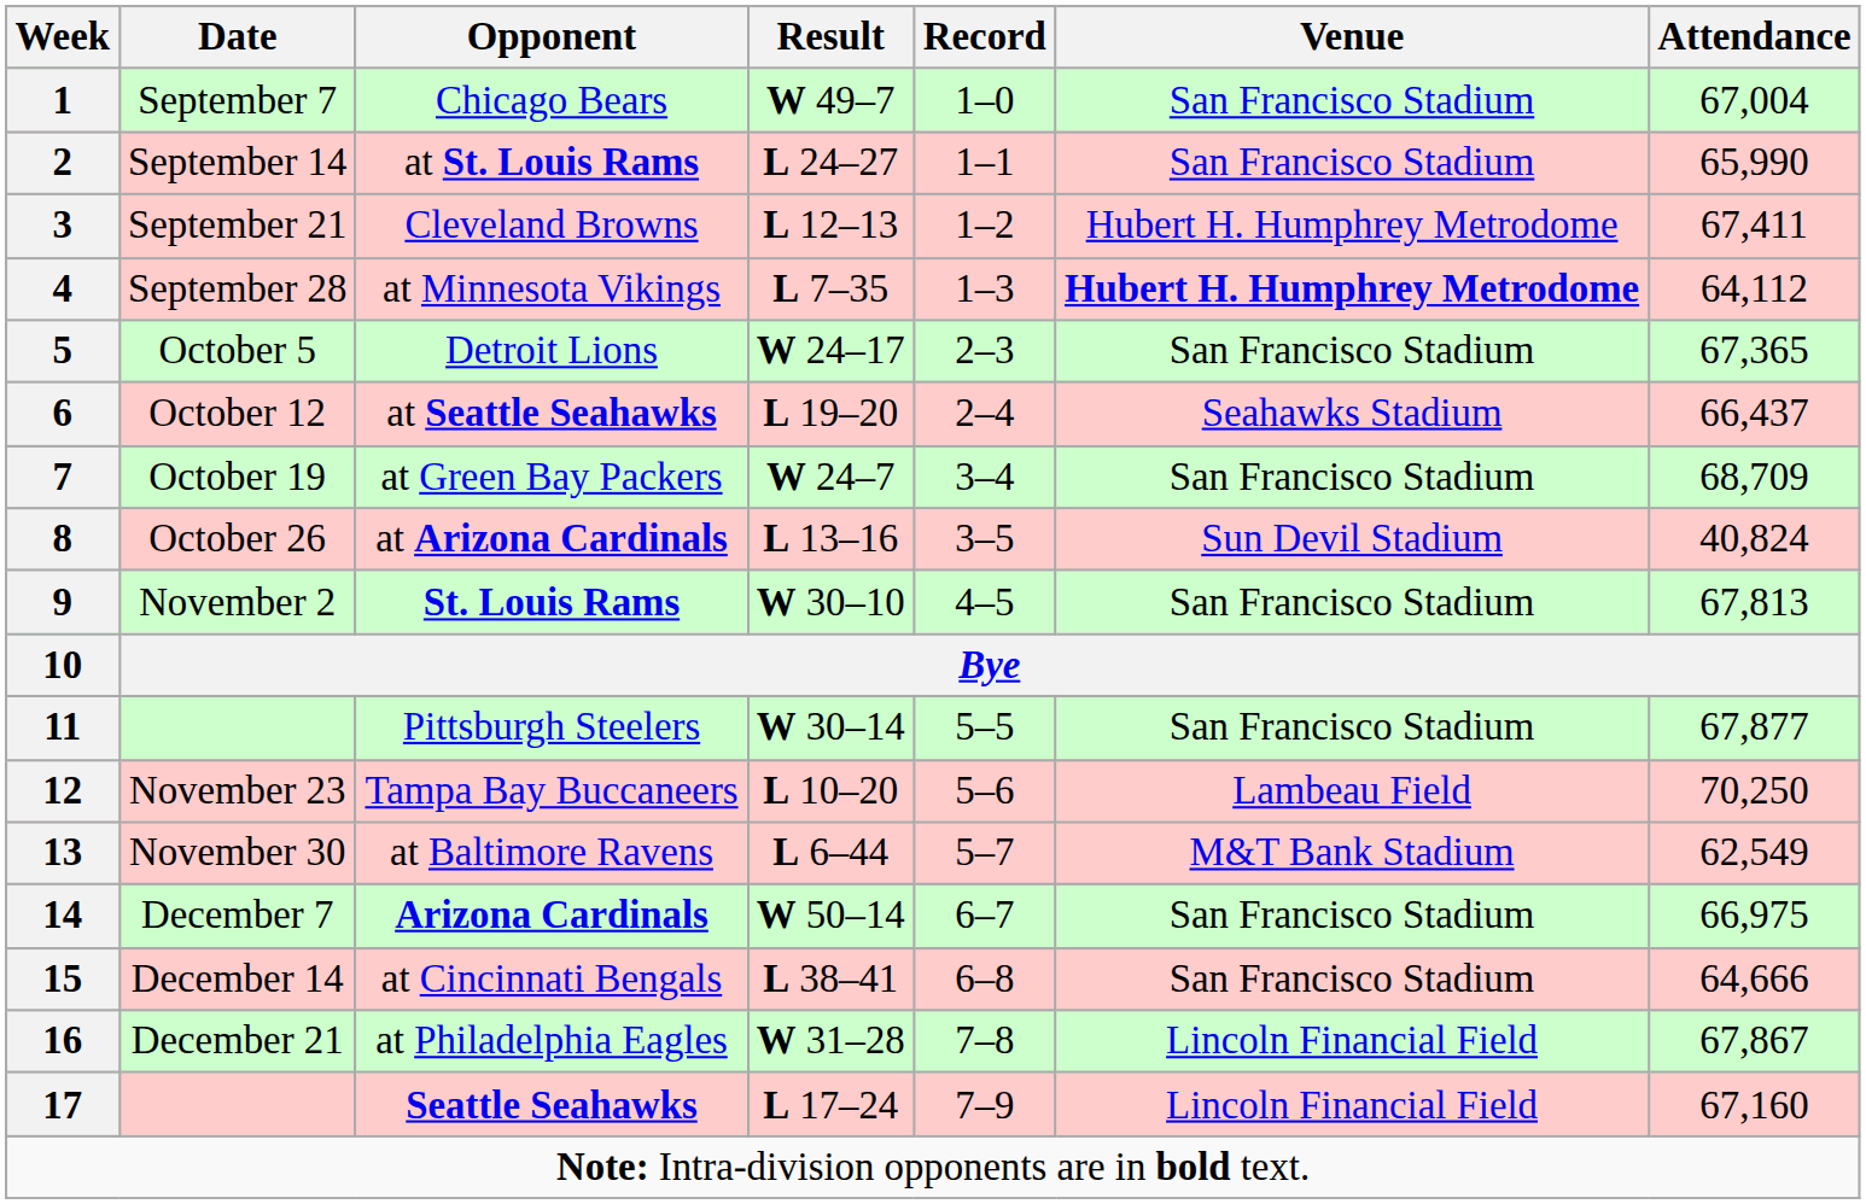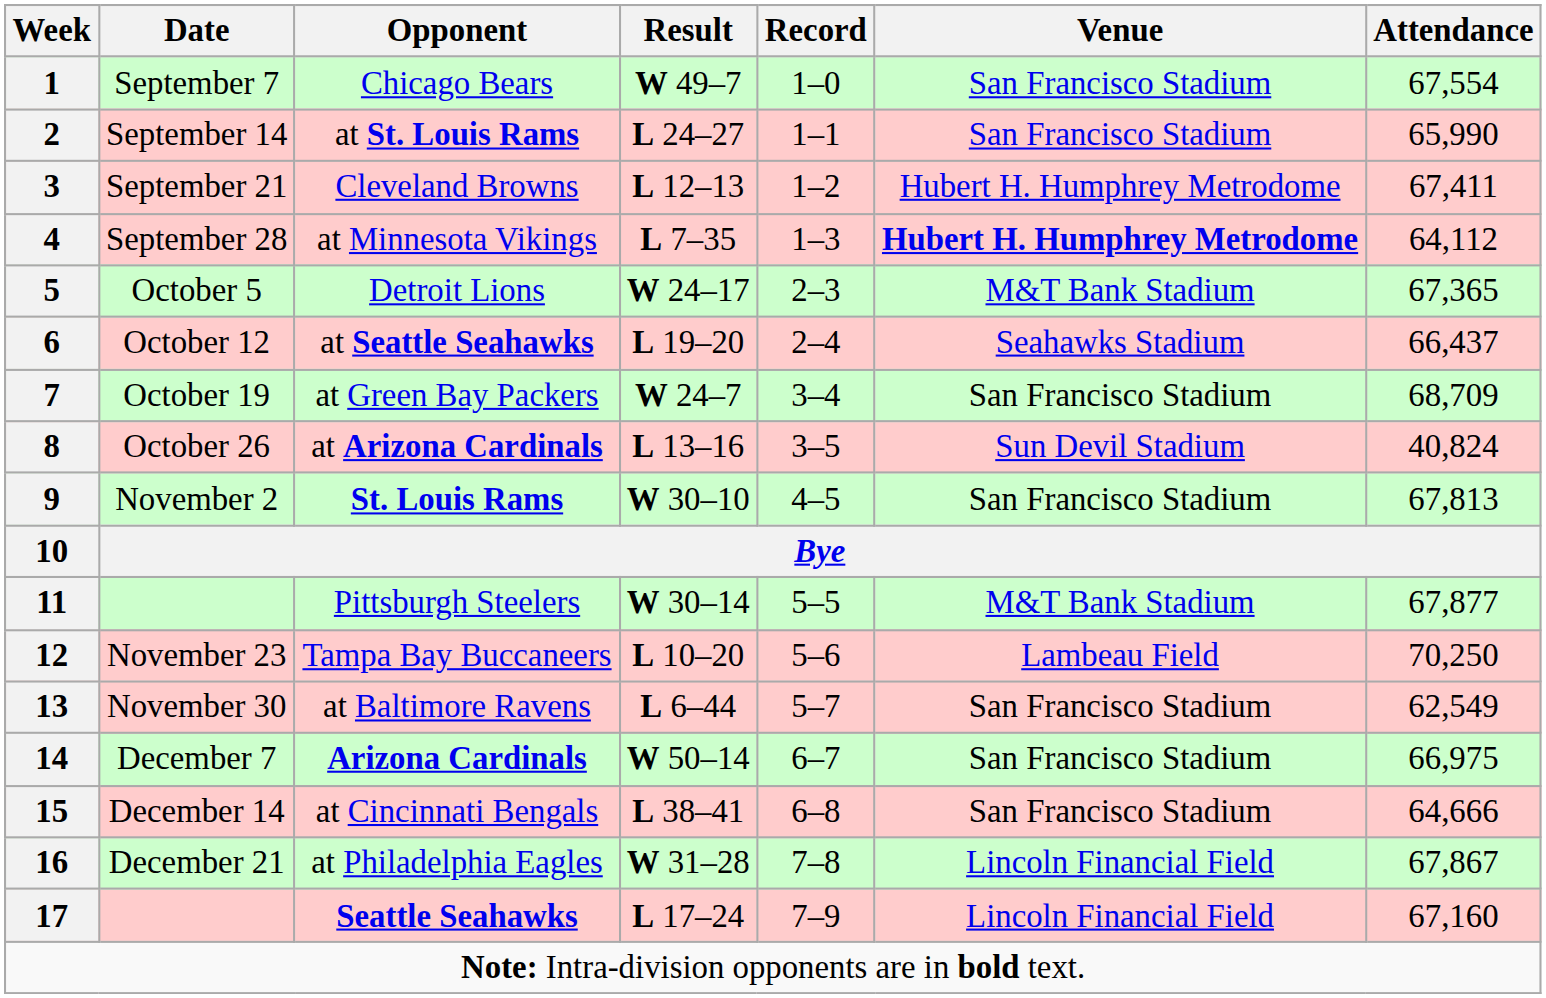 <table class="wikitable" style="text-align:center">
 <tr>
 <th>Week</th>
 <th>Date</th>
 <th>Opponent</th>
 <th>Result</th>
 <th>Record</th>
 <th>Venue</th>
 <th>Attendance</th>
 </tr>
 <tr style="background:#cfc">
 <th>1</th>
 <td>September 7</td>
 <td><a href='#'>Chicago Bears</a></td>
 <td><strong>W</strong> 49–7</td>
 <td>1–0</td>
 <td><a href='#'>San Francisco Stadium</a></td>
-<td>67,004</td>
+<td>67,554</td>
 </tr>
 <tr style="background:#fcc">
 <th>2</th>
 <td>September 14</td>
 <td>at <strong><a href='#'>St. Louis Rams</a></strong></td>
 <td><strong>L</strong> 24–27 </td>
 <td>1–1</td>
 <td><a href='#'>San Francisco Stadium</a></td>
 <td>65,990</td>
 </tr>
 <tr style="background:#fcc">
 <th>3</th>
 <td>September 21</td>
 <td><a href='#'>Cleveland Browns</a></td>
 <td><strong>L</strong> 12–13</td>
 <td>1–2</td>
 <td><a href='#'>Hubert H. Humphrey Metrodome</a></td>
 <td>67,411</td>
 </tr>
 <tr style="background:#fcc">
 <th>4</th>
 <td>September 28</td>
 <td>at <a href='#'>Minnesota Vikings</a></td>
 <td><strong>L</strong> 7–35</td>
 <td>1–3</td>
 <td><strong><a href='#'>Hubert H. Humphrey Metrodome</a></strong></td>
 <td>64,112</td>
 </tr>
 <tr style="background:#cfc">
 <th>5</th>
 <td>October 5</td>
 <td><a href='#'>Detroit Lions</a></td>
 <td><strong>W</strong> 24–17</td>
 <td>2–3</td>
-<td>San Francisco Stadium</td>
+<td><a href='#'>M&T Bank Stadium</a></td>
 <td>67,365</td>
 </tr>
 <tr style="background:#fcc">
 <th>6</th>
 <td>October 12</td>
 <td>at <strong><a href='#'>Seattle Seahawks</a></strong></td>
 <td><strong>L</strong> 19–20</td>
 <td>2–4</td>
 <td><a href='#'>Seahawks Stadium</a></td>
 <td>66,437</td>
 </tr>
 <tr style="background:#cfc">
 <th>7</th>
 <td>October 19</td>
 <td>at <a href='#'>Green Bay Packers</a></td>
 <td><strong>W</strong> 24–7</td>
 <td>3–4</td>
 <td>San Francisco Stadium</td>
 <td>68,709</td>
 </tr>
 <tr style="background:#fcc">
 <th>8</th>
 <td>October 26</td>
 <td>at <strong><a href='#'>Arizona Cardinals</a></strong></td>
 <td><strong>L</strong> 13–16 </td>
 <td>3–5</td>
 <td><a href='#'>Sun Devil Stadium</a></td>
 <td>40,824</td>
 </tr>
 <tr style="background:#cfc">
 <th>9</th>
 <td>November 2</td>
 <td><strong><a href='#'>St. Louis Rams</a></strong></td>
 <td><strong>W</strong> 30–10</td>
 <td>4–5</td>
 <td>San Francisco Stadium</td>
 <td>67,813</td>
 </tr>
 <tr>
 <th>10</th>
 <th colspan=6><em><a href='#'>Bye</a></em></th>
 </tr>
 <tr style="background:#cfc">
 <th>11</th>
 <td></td>
 <td><a href='#'>Pittsburgh Steelers</a></td>
 <td><strong>W</strong> 30–14</td>
 <td>5–5</td>
-<td>San Francisco Stadium</td>
+<td><a href='#'>M&T Bank Stadium</a></td>
 <td>67,877</td>
 </tr>
 <tr style="background:#fcc">
 <th>12</th>
 <td>November 23</td>
 <td><a href='#'>Tampa Bay Buccaneers</a></td>
 <td><strong>L</strong> 10–20</td>
 <td>5–6</td>
 <td><a href='#'>Lambeau Field</a></td>
 <td>70,250</td>
 </tr>
 <tr style="background:#fcc">
 <th>13</th>
 <td>November 30</td>
 <td>at <a href='#'>Baltimore Ravens</a></td>
 <td><strong>L</strong> 6–44</td>
 <td>5–7</td>
-<td><a href='#'>M&T Bank Stadium</a></td>
+<td>San Francisco Stadium</td>
 <td>62,549</td>
 </tr>
 <tr style="background:#cfc">
 <th>14</th>
 <td>December 7</td>
 <td><strong><a href='#'>Arizona Cardinals</a></strong></td>
 <td><strong>W</strong> 50–14</td>
 <td>6–7</td>
 <td>San Francisco Stadium</td>
 <td>66,975</td>
 </tr>
 <tr style="background:#fcc">
 <th>15</th>
 <td>December 14</td>
 <td>at <a href='#'>Cincinnati Bengals</a></td>
 <td><strong>L</strong> 38–41</td>
 <td>6–8</td>
 <td>San Francisco Stadium</td>
 <td>64,666</td>
 </tr>
 <tr style="background:#cfc">
 <th>16</th>
 <td>December 21</td>
 <td>at <a href='#'>Philadelphia Eagles</a></td>
 <td><strong>W</strong> 31–28 </td>
 <td>7–8</td>
 <td><a href='#'>Lincoln Financial Field</a></td>
 <td>67,867</td>
 </tr>
 <tr style="background:#fcc">
 <th>17</th>
 <td></td>
 <td><strong><a href='#'>Seattle Seahawks</a></strong></td>
 <td><strong>L</strong> 17–24</td>
 <td>7–9</td>
 <td><a href='#'>Lincoln Financial Field</a></td>
 <td>67,160</td>
 </tr>
 <tr>
 <td colspan="8"><strong>Note:</strong> Intra-division opponents are in <strong>bold</strong> text.</td>
 </tr>
 </table>
